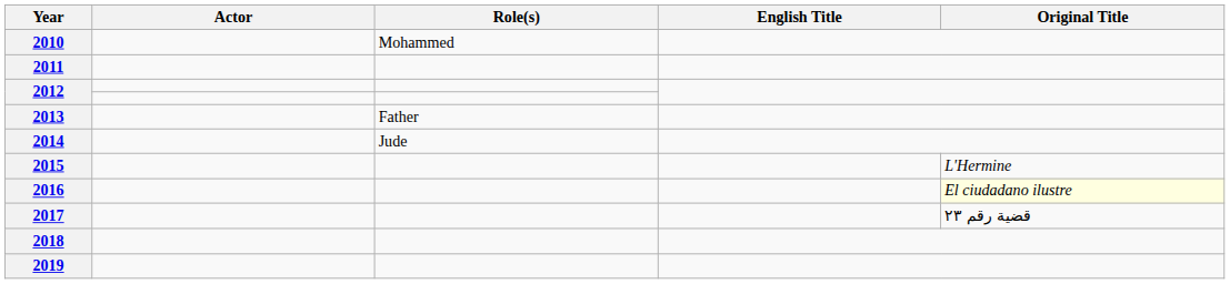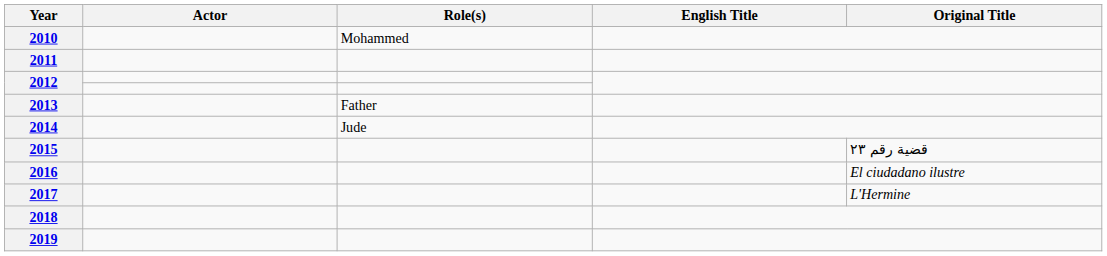 <table class="wikitable unsortable">
 <tr>
 <th scope="col" style="width:3%;">Year</th>
 <th scope="col" style="width:10%;">Actor</th>
 <th scope="col" style="width:10%;">Role(s)</th>
 <th scope="col" style="width:10%;">English Title</th>
 <th scope="col" style="width:10%;">Original Title</th>
 </tr>
 <tr>
 <th style="text-align:center;"><a href='#'>2010</a></th>
 <td> </td>
 <td>Mohammed</td>
 <td colspan="2"></td>
 </tr>
 <tr>
 <th style="text-align:center;"><a href='#'>2011</a></th>
 <td>   </td>
 <td></td>
 <td colspan="2"></td>
 </tr>
 <tr>
 <th rowspan="2" style="text-align:center;"><a href='#'>2012</a></th>
 <td> </td>
 <td></td>
 <td colspan="2" rowspan="2"></td>
 </tr>
 <tr>
 <td> </td>
 <td></td>
 </tr>
 <tr>
 <th style="text-align:center;"><a href='#'>2013</a></th>
 <td> </td>
 <td>Father</td>
 <td colspan="2"></td>
 </tr>
 <tr>
 <th style="text-align:center;"><a href='#'>2014</a></th>
 <td> </td>
 <td>Jude</td>
 <td colspan="2"></td>
 </tr>
 <tr>
 <th style="text-align:center;"><a href='#'>2015</a></th>
 <td> </td>
 <td></td>
 <td></td>
-<td><em>L'Hermine</em></td>
+<td>قضية رقم ٢٣</td>
 </tr>
 <tr>
 <th style="text-align:center;"><a href='#'>2016</a></th>
 <td>   </td>
 <td></td>
 <td></td>
-<td style="background: lightyellow;"><em>El ciudadano ilustre</em></td>
+<td><em>El ciudadano ilustre</em></td>
 </tr>
 <tr>
 <th style="text-align:center;"><a href='#'>2017</a></th>
 <td> </td>
 <td></td>
 <td></td>
-<td>قضية رقم ٢٣</td>
+<td><em>L'Hermine</em></td>
 </tr>
 <tr>
 <th style="text-align:center;"><a href='#'>2018</a></th>
 <td> </td>
 <td></td>
 <td colspan="2"></td>
 </tr>
 <tr>
 <th style="text-align:center;"><a href='#'>2019</a></th>
 <td> </td>
 <td></td>
 <td colspan="2"></td>
 </tr>
 </table>
